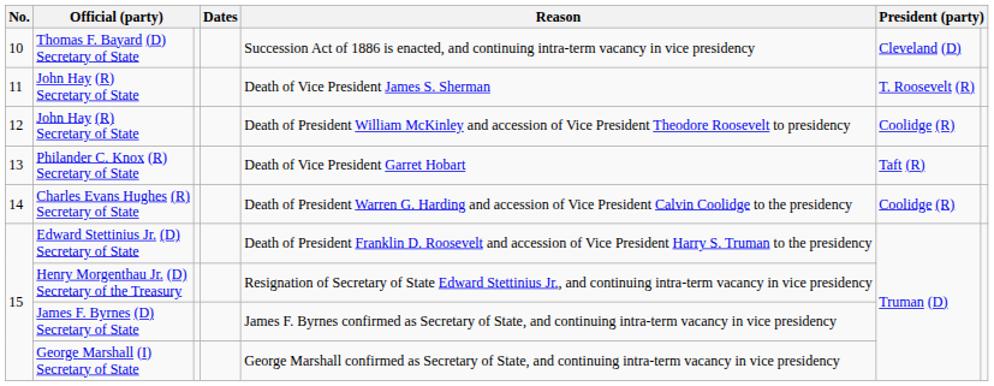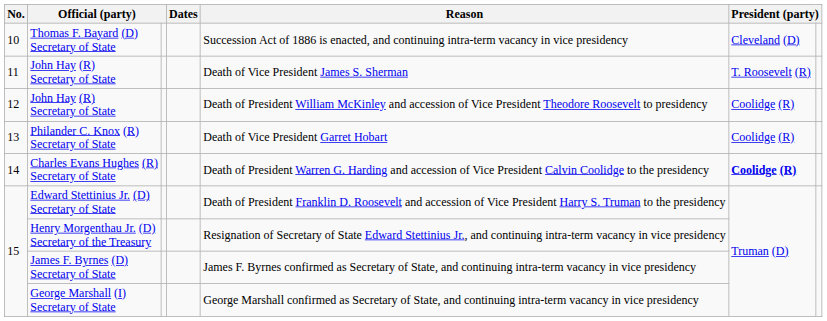 <table class=wikitable>
 <tr>
 <th><abbr>No.</abbr></th>
 <th colspan=2>Official (party)</th>
 <th>Dates</th>
 <th>Reason</th>
 <th colspan=2>President (party)</th>
 </tr>
 <tr>
 <td>10</td>
 <td><a href='#'>Thomas F. Bayard</a> <a href='#'>(D)</a><br><a href='#'>Secretary of State</a></td>
 <td style="background: "></td>
 <td nowrap></td>
 <td>Succession Act of 1886 is enacted, and continuing intra-term vacancy in vice presidency</td>
 <td><a href='#'>Cleveland</a> <a href='#'>(D)</a></td>
 <td style="background: "></td>
 </tr>
 <tr>
 <td>11</td>
 <td><a href='#'>John Hay</a> <a href='#'>(R)</a><br><a href='#'>Secretary of State</a></td>
 <td style="background-color:"></td>
 <td nowrap></td>
 <td>Death of Vice President <a href='#'>James S. Sherman</a></td>
 <td nowrap><a href='#'>T. Roosevelt</a> <a href='#'>(R)</a></td>
 <td style="background-color:"></td>
 </tr>
 <tr>
 <td>12</td>
 <td><a href='#'>John Hay</a> <a href='#'>(R)</a><br><a href='#'>Secretary of State</a></td>
 <td style="background-color:"></td>
 <td nowrap></td>
 <td>Death of President <a href='#'>William McKinley</a> and accession of Vice President <a href='#'>Theodore Roosevelt</a> to presidency</td>
 <td><a href='#'>Coolidge</a> <a href='#'>(R)</a></td>
 <td style="background-color:"></td>
 </tr>
 <tr>
 <td>13</td>
 <td><a href='#'>Philander C. Knox</a> <a href='#'>(R)</a><br><a href='#'>Secretary of State</a></td>
 <td style="background-color:"></td>
 <td nowrap></td>
 <td>Death of Vice President <a href='#'>Garret Hobart</a></td>
-<td><a href='#'>Taft</a> <a href='#'>(R)</a></td>
+<td><a href='#'>Coolidge</a> <a href='#'>(R)</a></td>
 <td style="background-color:"></td>
 </tr>
 <tr>
 <td>14</td>
 <td><a href='#'>Charles Evans Hughes</a> <a href='#'>(R)</a><br><a href='#'>Secretary of State</a></td>
 <td style="background-color:"></td>
 <td nowrap></td>
 <td>Death of President <a href='#'>Warren G. Harding</a> and accession of Vice President <a href='#'>Calvin Coolidge</a> to the presidency</td>
-<td><a href='#'>Coolidge</a> <a href='#'>(R)</a></td>
+<td><strong><a href='#'>Coolidge</a> <a href='#'>(R)</a></strong></td>
 <td style="background-color:"></td>
 </tr>
 <tr>
 <td rowspan=4>15</td>
 <td><a href='#'>Edward Stettinius Jr.</a> <a href='#'>(D)</a><br><a href='#'>Secretary of State</a></td>
 <td style="background: "></td>
 <td nowrap></td>
 <td>Death of President <a href='#'>Franklin D. Roosevelt</a> and accession of Vice President <a href='#'>Harry S. Truman</a> to the presidency</td>
 <td rowspan=4><a href='#'>Truman</a> <a href='#'>(D)</a></td>
 <td rowspan=4 style="background: "></td>
 </tr>
 <tr>
 <td nowrap><a href='#'>Henry Morgenthau Jr.</a> <a href='#'>(D)</a><br><a href='#'>Secretary of the Treasury</a></td>
 <td style="background: "></td>
 <td nowrap></td>
 <td>Resignation of Secretary of State <a href='#'>Edward Stettinius Jr.</a>, and continuing intra-term vacancy in vice presidency</td>
 </tr>
 <tr>
 <td><a href='#'>James F. Byrnes</a> <a href='#'>(D)</a><br><a href='#'>Secretary of State</a></td>
 <td style="background: "></td>
 <td nowrap></td>
 <td>James F. Byrnes confirmed as Secretary of State, and continuing intra-term vacancy in vice presidency</td>
 </tr>
 <tr>
 <td><a href='#'>George Marshall</a> <a href='#'>(I)</a><br><a href='#'>Secretary of State</a></td>
 <td style="background: "></td>
 <td nowrap></td>
 <td>George Marshall confirmed as Secretary of State, and continuing intra-term vacancy in vice presidency</td>
 </tr>
 </table>
